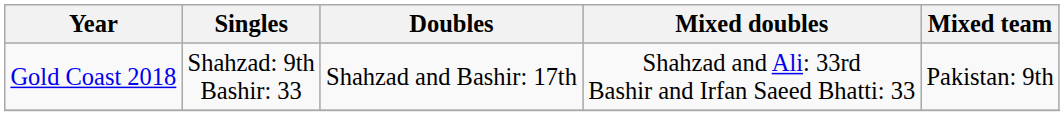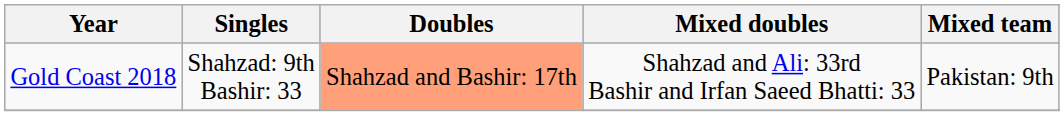 <table class="wikitable" style="text-align: center;">
 <tr>
 <th>Year</th>
 <th>Singles</th>
 <th>Doubles</th>
 <th>Mixed doubles</th>
 <th>Mixed team</th>
 </tr>
 <tr>
 <td> <a href='#'>Gold Coast 2018</a></td>
 <td>Shahzad: 9th <br> Bashir: 33</td>
-<td>Shahzad and Bashir: 17th</td>
+<td style="background: lightsalmon;">Shahzad and Bashir: 17th</td>
 <td>Shahzad and <a href='#'>Ali</a>: 33rd <br> Bashir and Irfan Saeed Bhatti: 33</td>
 <td>Pakistan: 9th</td>
 </tr>
 <tr>
 </tr>
 </table>
